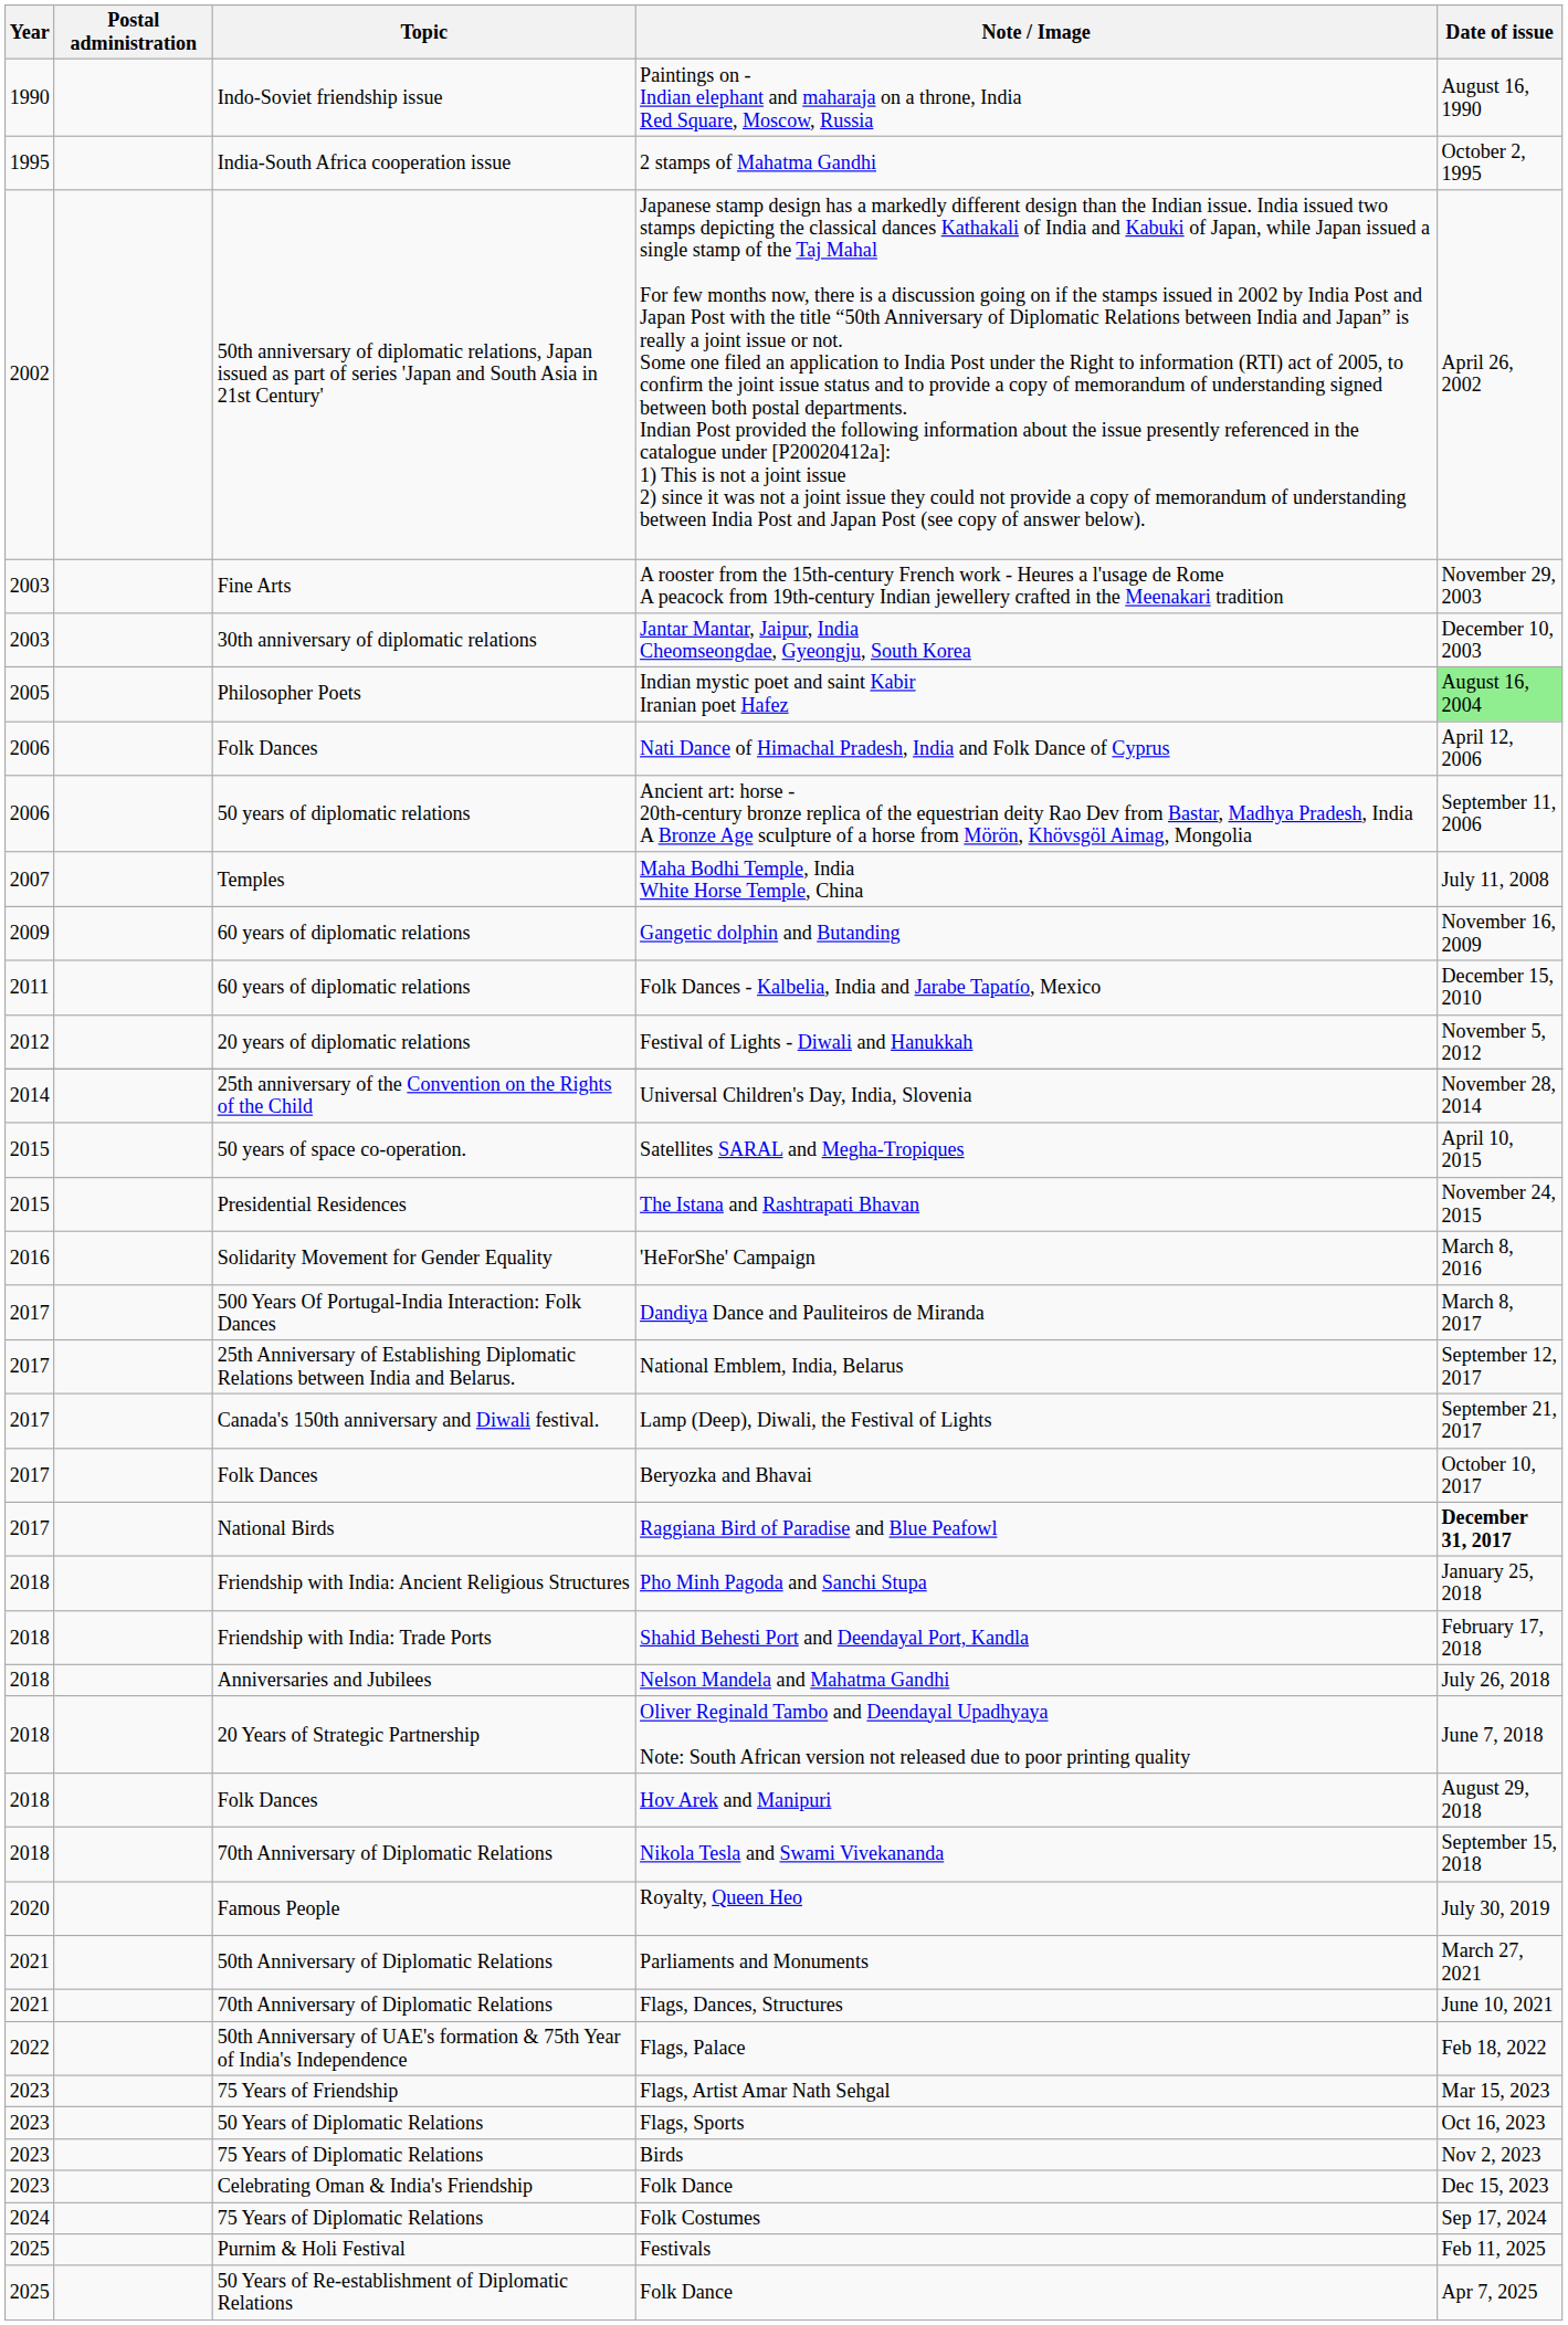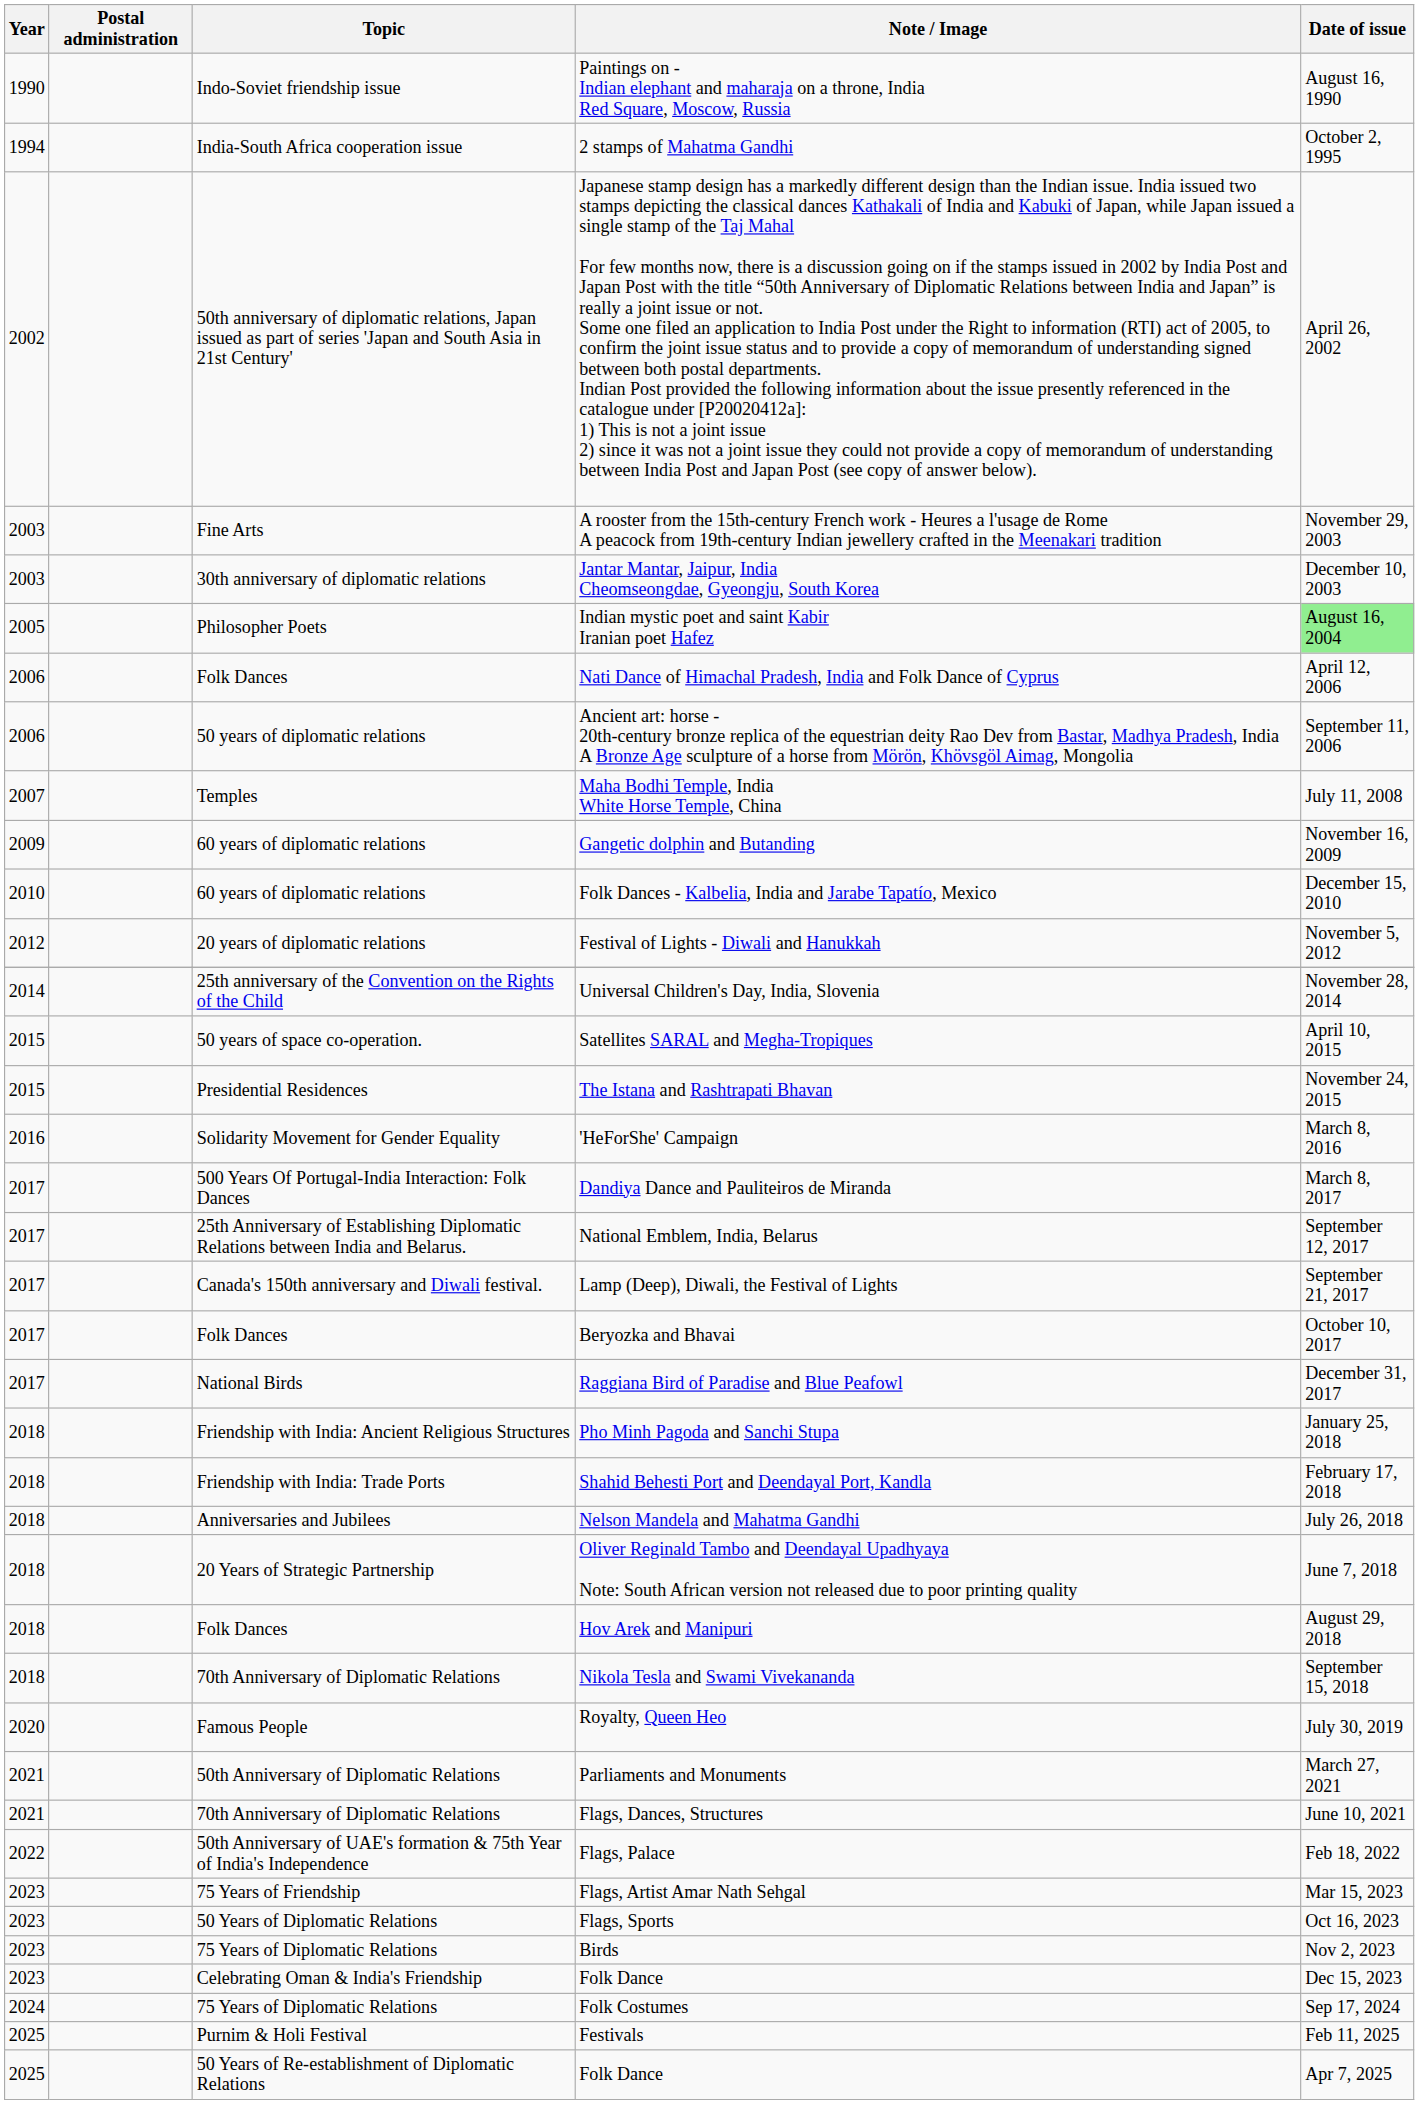 <table class="wikitable">
 <tr>
 <th>Year</th>
 <th>Postal administration</th>
 <th>Topic</th>
 <th>Note / Image</th>
 <th>Date of issue</th>
 </tr>
 <tr>
 <td>1990</td>
 <td></td>
 <td>Indo-Soviet friendship issue</td>
 <td>Paintings on - <br><a href='#'>Indian elephant</a> and <a href='#'>maharaja</a> on a throne, India <br><a href='#'>Red Square</a>, <a href='#'>Moscow</a>, <a href='#'>Russia</a><br></td>
 <td>August 16, 1990</td>
 </tr>
 <tr>
-<td>1995</td>
+<td>1994</td>
 <td></td>
 <td>India-South Africa cooperation issue</td>
 <td>2 stamps of <a href='#'>Mahatma Gandhi</a><br></td>
 <td>October 2, 1995</td>
 </tr>
 <tr>
 <td>2002</td>
 <td></td>
 <td>50th anniversary of diplomatic relations, Japan issued as part of series 'Japan and South Asia in 21st Century'</td>
 <td>Japanese stamp design has a markedly different design than the Indian issue. India issued two stamps depicting the classical dances <a href='#'>Kathakali</a> of India and <a href='#'>Kabuki</a> of Japan, while Japan issued a single stamp of the <a href='#'>Taj Mahal</a><br><br>For few months now, there is a discussion going on if the stamps issued in 2002 by India Post and Japan Post with the title “50th Anniversary of Diplomatic Relations between India and Japan” is really a joint issue or not.<br>Some one filed an application to India Post under the Right to information (RTI) act of 2005, to confirm the joint issue status and to provide a copy of memorandum of understanding signed between both postal departments.<br>Indian Post provided the following information about the issue presently referenced in the catalogue under [P20020412a]: <br> 1) This is not a joint issue <br> 2) since it was not a joint issue they could not provide a copy of memorandum of understanding between India Post and Japan Post (see copy of answer below). <br>  <br></td>
 <td>April 26, 2002</td>
 </tr>
 <tr>
 <td>2003</td>
 <td></td>
 <td>Fine Arts</td>
 <td>A rooster from the 15th-century French work - Heures a l'usage de Rome<br>A peacock from 19th-century Indian jewellery crafted in the <a href='#'>Meenakari</a> tradition <br></td>
 <td>November 29, 2003</td>
 </tr>
 <tr>
 <td>2003</td>
 <td></td>
 <td>30th anniversary of diplomatic relations</td>
 <td><a href='#'>Jantar Mantar</a>, <a href='#'>Jaipur</a>, <a href='#'>India</a> <br> <a href='#'>Cheomseongdae</a>, <a href='#'>Gyeongju</a>, <a href='#'>South Korea</a><br></td>
 <td>December 10, 2003</td>
 </tr>
 <tr>
 <td>2005</td>
 <td></td>
 <td>Philosopher Poets</td>
 <td>Indian mystic poet and saint <a href='#'>Kabir</a> <br>Iranian poet <a href='#'>Hafez</a><br></td>
 <td style="background: lightgreen;">August 16, 2004</td>
 </tr>
 <tr>
 <td>2006</td>
 <td></td>
 <td>Folk Dances</td>
 <td><a href='#'>Nati Dance</a> of <a href='#'>Himachal Pradesh</a>, <a href='#'>India</a> and Folk Dance of <a href='#'>Cyprus</a><br></td>
 <td>April 12, 2006</td>
 </tr>
 <tr>
 <td>2006</td>
 <td></td>
 <td>50 years of diplomatic relations</td>
 <td>Ancient art: horse - <br>20th-century bronze replica of the equestrian deity Rao Dev from <a href='#'>Bastar</a>, <a href='#'>Madhya Pradesh</a>, India <br>A <a href='#'>Bronze Age</a> sculpture of a horse from <a href='#'>Mörön</a>, <a href='#'>Khövsgöl Aimag</a>, Mongolia<br></td>
 <td>September 11, 2006</td>
 </tr>
 <tr>
 <td>2007</td>
 <td></td>
 <td>Temples</td>
 <td><a href='#'>Maha Bodhi Temple</a>, India <br><a href='#'>White Horse Temple</a>, China<br></td>
 <td>July 11, 2008</td>
 </tr>
 <tr>
 <td>2009</td>
 <td></td>
 <td>60 years of diplomatic relations</td>
 <td><a href='#'>Gangetic dolphin</a> and <a href='#'>Butanding</a><br></td>
 <td>November 16, 2009</td>
 </tr>
 <tr>
-<td>2011</td>
+<td>2010</td>
 <td></td>
 <td>60 years of diplomatic relations</td>
 <td>Folk Dances - <a href='#'>Kalbelia</a>, India and <a href='#'>Jarabe Tapatío</a>, Mexico<br></td>
 <td>December 15, 2010</td>
 </tr>
 <tr>
 <td>2012</td>
 <td></td>
 <td>20 years of diplomatic relations</td>
 <td>Festival of Lights - <a href='#'>Diwali</a> and <a href='#'>Hanukkah</a><br></td>
 <td>November 5, 2012</td>
 </tr>
 <tr>
 </tr>
 <tr>
 <td>2014</td>
 <td></td>
 <td>25th anniversary of the <a href='#'>Convention on the Rights of the Child</a></td>
 <td>Universal Children's Day, India, Slovenia<br></td>
 <td>November 28, 2014</td>
 </tr>
 <tr>
 <td>2015</td>
 <td></td>
 <td>50 years of space co-operation.</td>
 <td>Satellites <a href='#'>SARAL</a> and <a href='#'>Megha-Tropiques</a><br></td>
 <td>April 10, 2015</td>
 </tr>
 <tr>
 <td>2015</td>
 <td></td>
 <td>Presidential Residences</td>
 <td><a href='#'>The Istana</a> and <a href='#'>Rashtrapati Bhavan</a><br></td>
 <td>November 24, 2015</td>
 </tr>
 <tr>
 <td>2016</td>
 <td></td>
 <td>Solidarity Movement for Gender Equality</td>
 <td>'HeForShe' Campaign<br></td>
 <td>March 8, 2016</td>
 </tr>
 <tr>
 <td>2017</td>
 <td></td>
 <td>500 Years Of Portugal-India Interaction: Folk Dances</td>
 <td><a href='#'>Dandiya</a> Dance and Pauliteiros de Miranda<br></td>
 <td>March 8, 2017</td>
 </tr>
 <tr>
 <td>2017</td>
 <td></td>
 <td>25th Anniversary of Establishing Diplomatic Relations between India and Belarus.</td>
 <td>National Emblem, India, Belarus <br> </td>
 <td>September 12, 2017</td>
 </tr>
 <tr>
 <td>2017</td>
 <td></td>
 <td>Canada's 150th anniversary and <a href='#'>Diwali</a> festival.</td>
 <td>Lamp (Deep), Diwali, the Festival of Lights<br></td>
 <td>September 21, 2017</td>
 </tr>
 <tr>
 <td>2017</td>
 <td></td>
 <td>Folk Dances</td>
 <td>Beryozka and Bhavai<br></td>
 <td>October 10, 2017</td>
 </tr>
 <tr>
 <td>2017</td>
 <td></td>
 <td>National Birds</td>
 <td><a href='#'>Raggiana Bird of Paradise</a> and <a href='#'>Blue Peafowl</a><br></td>
-<td><strong>December 31, 2017</strong></td>
+<td>December 31, 2017</td>
 </tr>
 <tr>
 <td>2018</td>
 <td></td>
 <td>Friendship with India: Ancient Religious Structures</td>
 <td><a href='#'>Pho Minh Pagoda</a> and <a href='#'>Sanchi Stupa</a><br> </td>
 <td>January 25, 2018</td>
 </tr>
 <tr>
 <td>2018</td>
 <td></td>
 <td>Friendship with India: Trade Ports</td>
 <td><a href='#'>Shahid Behesti Port</a> and <a href='#'>Deendayal Port, Kandla</a><br></td>
 <td>February 17, 2018</td>
 </tr>
 <tr>
 <td>2018</td>
 <td></td>
 <td>Anniversaries and Jubilees</td>
 <td><a href='#'>Nelson Mandela</a> and <a href='#'>Mahatma Gandhi</a><br></td>
 <td>July 26, 2018</td>
 </tr>
 <tr>
 <td>2018</td>
 <td></td>
 <td>20 Years of Strategic Partnership</td>
 <td><a href='#'>Oliver Reginald Tambo</a> and <a href='#'>Deendayal Upadhyaya</a><br><br>Note: South African version not released due to poor printing quality</td>
 <td>June 7, 2018</td>
 </tr>
 <tr>
 <td>2018</td>
 <td></td>
 <td>Folk Dances</td>
 <td><a href='#'>Hov Arek</a> and <a href='#'>Manipuri</a><br></td>
 <td>August 29, 2018</td>
 </tr>
 <tr>
 <td>2018</td>
 <td></td>
 <td>70th Anniversary of Diplomatic Relations</td>
 <td><a href='#'>Nikola Tesla</a> and <a href='#'>Swami Vivekananda</a><br></td>
 <td>September 15, 2018</td>
 </tr>
 <tr>
 <td>2020</td>
 <td></td>
 <td>Famous People</td>
 <td>Royalty, <a href='#'>Queen Heo</a><br><br></td>
 <td>July 30, 2019</td>
 </tr>
 <tr>
 <td>2021</td>
 <td></td>
 <td>50th Anniversary of Diplomatic Relations</td>
 <td>Parliaments and Monuments</td>
 <td>March 27, 2021</td>
 </tr>
 <tr>
 <td>2021</td>
 <td></td>
 <td>70th Anniversary of Diplomatic Relations</td>
 <td>Flags, Dances, Structures</td>
 <td>June 10, 2021</td>
 </tr>
 <tr>
 <td>2022</td>
 <td></td>
 <td>50th Anniversary of UAE's formation & 75th Year of India's Independence</td>
 <td>Flags, Palace</td>
 <td>Feb 18, 2022</td>
 </tr>
 <tr>
 <td>2023</td>
 <td></td>
 <td>75 Years of Friendship</td>
 <td>Flags, Artist Amar Nath Sehgal<br></td>
 <td>Mar 15, 2023</td>
 </tr>
 <tr>
 <td>2023</td>
 <td></td>
 <td>50 Years of Diplomatic Relations</td>
 <td>Flags, Sports</td>
 <td>Oct 16, 2023</td>
 </tr>
 <tr>
 <td>2023</td>
 <td></td>
 <td>75 Years of Diplomatic Relations</td>
 <td>Birds</td>
 <td>Nov 2, 2023</td>
 </tr>
 <tr>
 <td>2023</td>
 <td></td>
 <td>Celebrating Oman & India's Friendship</td>
 <td>Folk Dance</td>
 <td>Dec 15, 2023</td>
 </tr>
 <tr>
 <td>2024</td>
 <td></td>
 <td>75 Years of Diplomatic Relations</td>
 <td>Folk Costumes</td>
 <td>Sep 17, 2024</td>
 </tr>
 <tr>
 <td>2025</td>
 <td></td>
 <td>Purnim & Holi Festival</td>
 <td>Festivals</td>
 <td>Feb 11, 2025</td>
 </tr>
 <tr>
 <td>2025</td>
 <td></td>
 <td>50 Years of Re-establishment of Diplomatic Relations</td>
 <td>Folk Dance</td>
 <td>Apr 7, 2025</td>
 </tr>
 </table>
